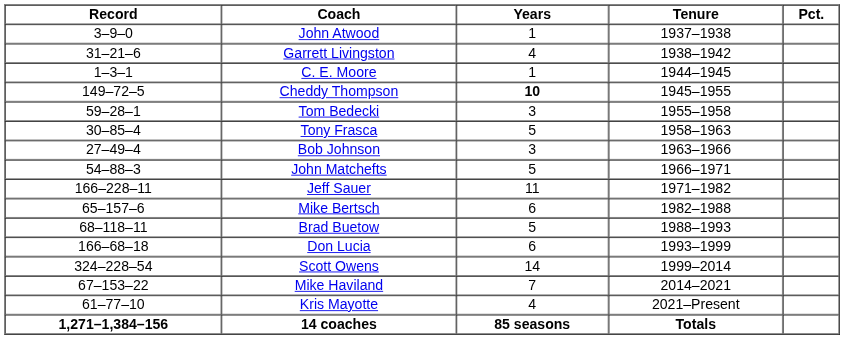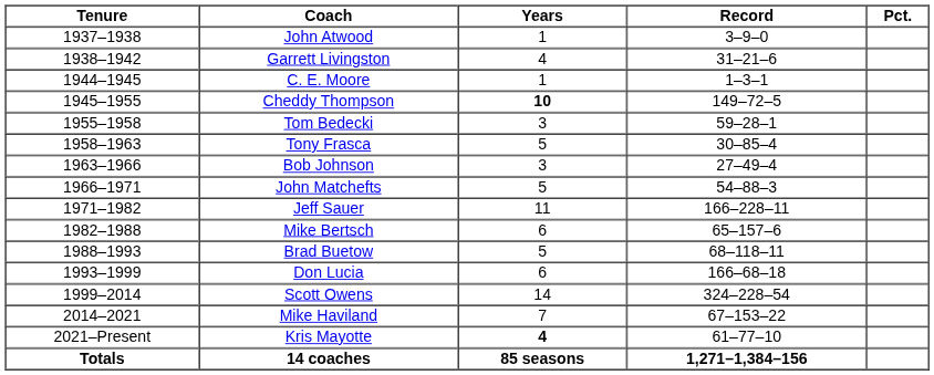 <table cellpadding="1" border="1" cellspacing="0" width="60%">
 <tr>
-<th>Record</th>
+<th>Tenure</th>
 <th>Coach</th>
 <th>Years</th>
-<th>Tenure</th>
+<th>Record</th>
 <th>Pct.</th>
 </tr>
 <tr align="center">
-<td>3–9–0</td>
+<td>1937–1938</td>
 <td><a href='#'>John Atwood</a></td>
 <td>1</td>
-<td>1937–1938</td>
+<td>3–9–0</td>
 <td></td>
 </tr>
 <tr align="center">
-<td>31–21–6</td>
+<td>1938–1942</td>
 <td><a href='#'>Garrett Livingston</a></td>
 <td>4</td>
-<td>1938–1942</td>
+<td>31–21–6</td>
 <td></td>
 </tr>
 <tr align="center">
-<td>1–3–1</td>
+<td>1944–1945</td>
 <td><a href='#'>C. E. Moore</a></td>
 <td>1</td>
-<td>1944–1945</td>
+<td>1–3–1</td>
 <td></td>
 </tr>
 <tr align="center">
-<td>149–72–5</td>
+<td>1945–1955</td>
 <td><a href='#'>Cheddy Thompson</a></td>
 <td><strong>10</strong></td>
-<td>1945–1955</td>
+<td>149–72–5</td>
 <td></td>
 </tr>
 <tr align="center">
-<td>59–28–1</td>
+<td>1955–1958</td>
 <td><a href='#'>Tom Bedecki</a></td>
 <td>3</td>
-<td>1955–1958</td>
+<td>59–28–1</td>
 <td></td>
 </tr>
 <tr align="center">
-<td>30–85–4</td>
+<td>1958–1963</td>
 <td><a href='#'>Tony Frasca</a></td>
 <td>5</td>
-<td>1958–1963</td>
+<td>30–85–4</td>
 <td></td>
 </tr>
 <tr align="center">
-<td>27–49–4</td>
+<td>1963–1966</td>
 <td><a href='#'>Bob Johnson</a></td>
 <td>3</td>
-<td>1963–1966</td>
+<td>27–49–4</td>
 <td></td>
 </tr>
 <tr align="center">
-<td>54–88–3</td>
+<td>1966–1971</td>
 <td><a href='#'>John Matchefts</a></td>
 <td>5</td>
-<td>1966–1971</td>
+<td>54–88–3</td>
 <td></td>
 </tr>
 <tr align="center">
-<td>166–228–11</td>
+<td>1971–1982</td>
 <td><a href='#'>Jeff Sauer</a></td>
 <td>11</td>
-<td>1971–1982</td>
+<td>166–228–11</td>
 <td></td>
 </tr>
 <tr align="center">
-<td>65–157–6</td>
+<td>1982–1988</td>
 <td><a href='#'>Mike Bertsch</a></td>
 <td>6</td>
-<td>1982–1988</td>
+<td>65–157–6</td>
 <td></td>
 </tr>
 <tr align="center">
-<td>68–118–11</td>
+<td>1988–1993</td>
 <td><a href='#'>Brad Buetow</a></td>
 <td>5</td>
-<td>1988–1993</td>
+<td>68–118–11</td>
 <td></td>
 </tr>
 <tr align="center">
-<td>166–68–18</td>
+<td>1993–1999</td>
 <td><a href='#'>Don Lucia</a></td>
 <td>6</td>
-<td>1993–1999</td>
+<td>166–68–18</td>
 <td></td>
 </tr>
 <tr align="center">
-<td>324–228–54</td>
+<td>1999–2014</td>
 <td><a href='#'>Scott Owens</a></td>
 <td>14</td>
-<td>1999–2014</td>
+<td>324–228–54</td>
 <td></td>
 </tr>
 <tr align="center">
-<td>67–153–22</td>
+<td>2014–2021</td>
 <td><a href='#'>Mike Haviland</a></td>
 <td>7</td>
-<td>2014–2021</td>
+<td>67–153–22</td>
 <td></td>
 </tr>
 <tr align="center">
+<td>2021–Present</td>
+<td><a href='#'>Kris Mayotte</a></td>
+<td><strong>4</strong></td>
 <td>61–77–10</td>
-<td><a href='#'>Kris Mayotte</a></td>
-<td>4</td>
-<td>2021–Present</td>
 <td></td>
 </tr>
 <tr>
-<th>1,271–1,384–156</th>
+<th>Totals</th>
 <th>14 coaches</th>
 <th>85 seasons</th>
-<th>Totals</th>
+<th>1,271–1,384–156</th>
 <th></th>
 </tr>
 </table>
